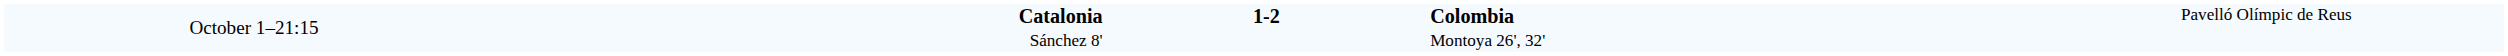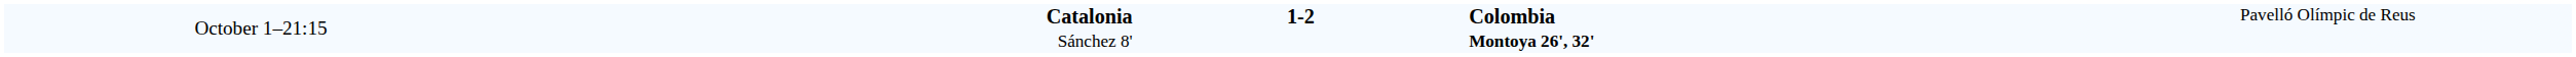 <table style="width: 100%; background:#F5FAFF;" cellspacing="0">
 <tr>
 <td style=font-size:95% align=center rowspan=3 width=20%>October 1–21:15</td>
 </tr>
 <tr>
 <td width=24% align=right><strong>Catalonia</strong></td>
 <td align=center width=13%><strong>1-2</strong></td>
 <td width=24%><strong>Colombia</strong></td>
 <td style=font-size:85% rowspan=3 valign=top align=center>Pavelló Olímpic de Reus</td>
 </tr>
 <tr style=font-size:85%>
 <td align=right valign=top>Sánchez 8'</td>
 <td></td>
-<td valign=top>Montoya 26', 32'</td>
+<td valign=top><strong>Montoya 26', 32'</strong></td>
 </tr>
 </table>
